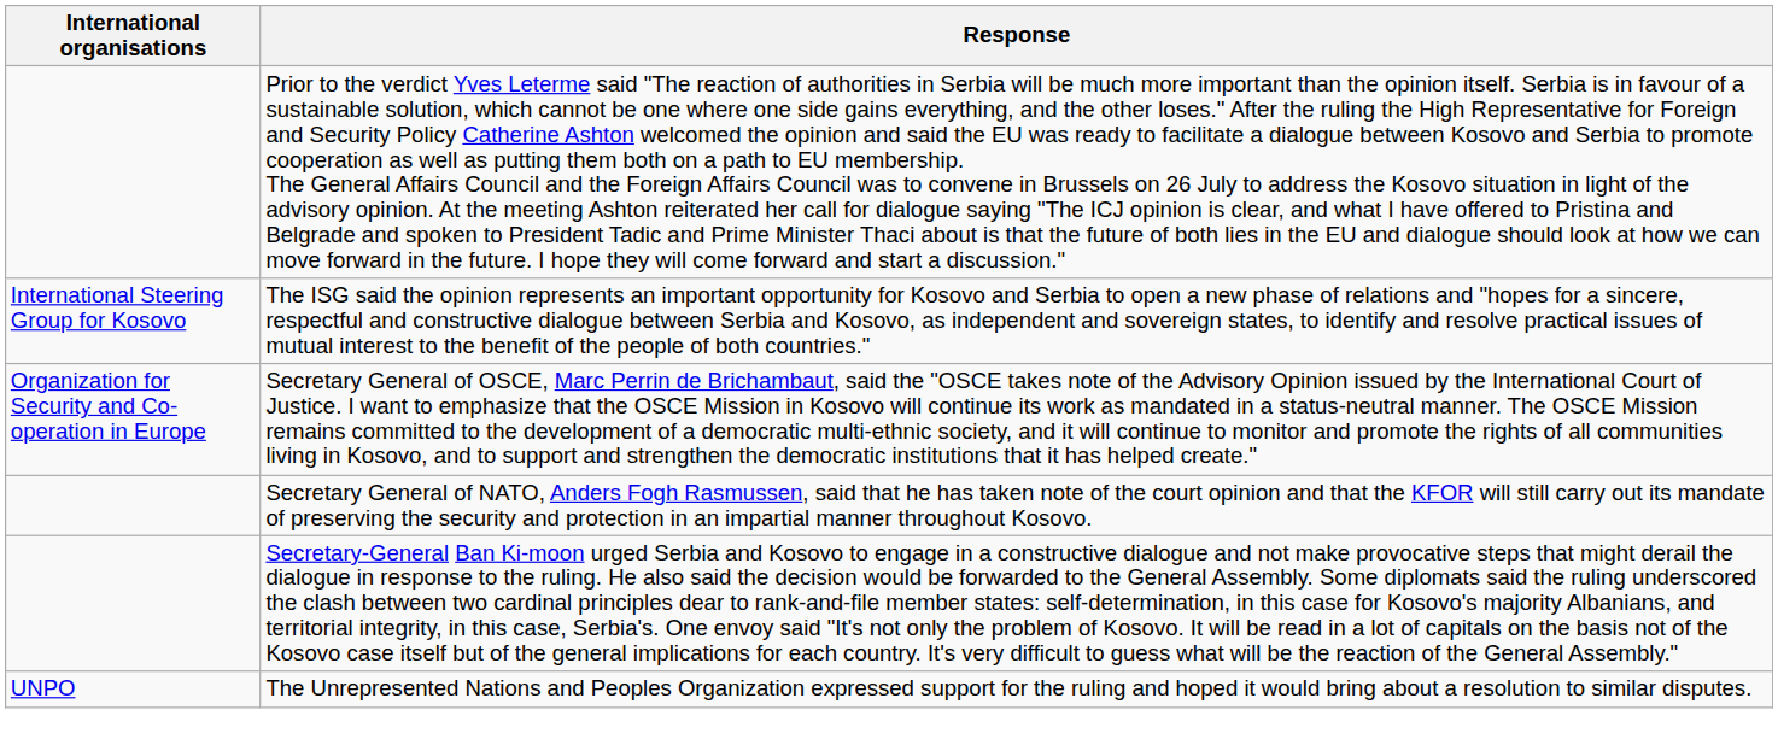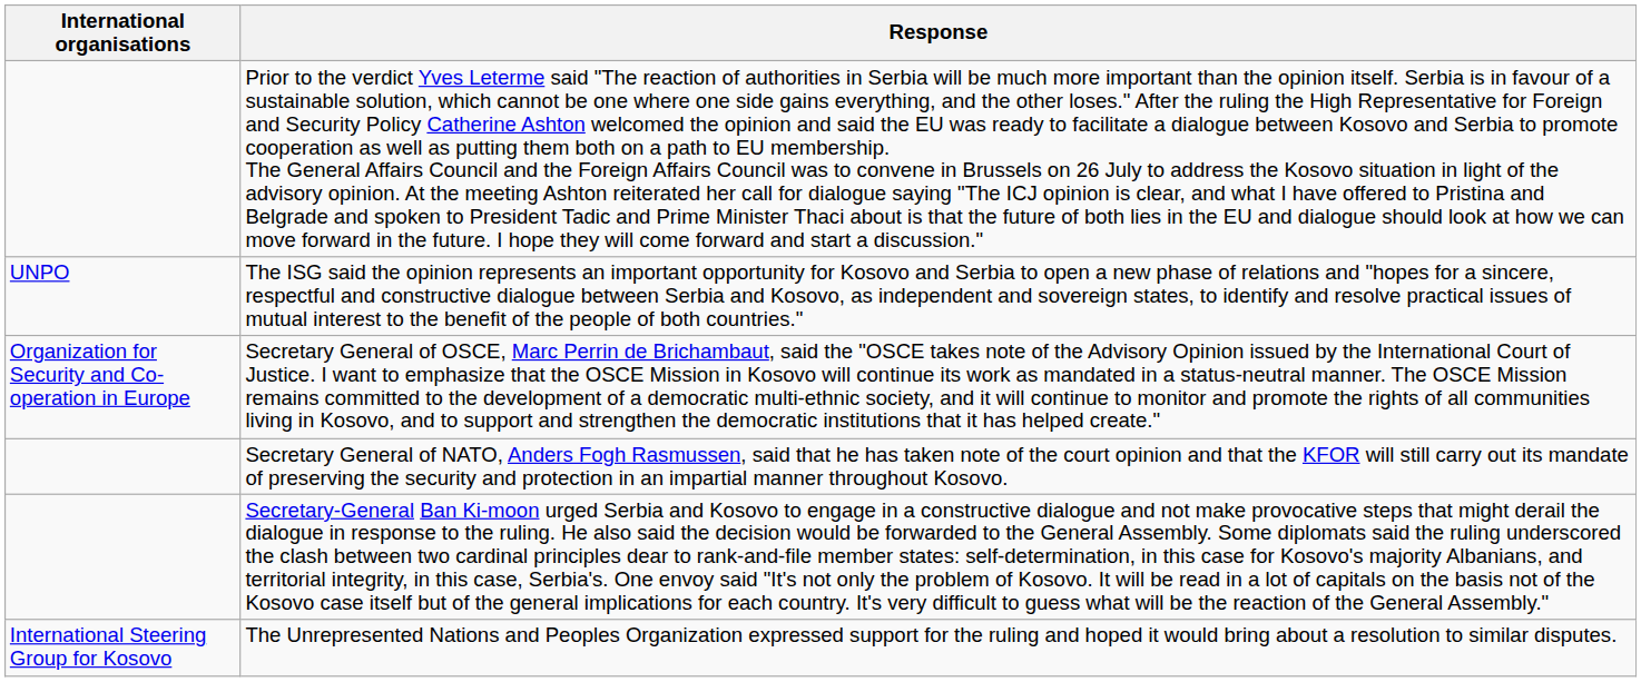 <table class="wikitable" style="margin:auto; width:100%;">
 <tr>
 <th style="width:175px;">International organisations</th>
 <th>Response</th>
 </tr>
 <tr valign="top">
 <td></td>
 <td>Prior to the verdict <a href='#'>Yves Leterme</a> said "The reaction of authorities in Serbia will be much more important than the opinion itself. Serbia is in favour of a sustainable solution, which cannot be one where one side gains everything, and the other loses." After the ruling the High Representative for Foreign and Security Policy <a href='#'>Catherine Ashton</a> welcomed the opinion and said the EU was ready to facilitate a dialogue between Kosovo and Serbia to promote cooperation as well as putting them both on a path to EU membership.<br>The General Affairs Council and the Foreign Affairs Council was to convene in Brussels on 26 July to address the Kosovo situation in light of the advisory opinion. At the meeting Ashton reiterated her call for dialogue saying "The ICJ opinion is clear, and what I have offered to Pristina and Belgrade and spoken to President Tadic and Prime Minister Thaci about is that the future of both lies in the EU and dialogue should look at how we can move forward in the future. I hope they will come forward and start a discussion."</td>
 </tr>
 <tr valign="top">
-<td><a href='#'>International Steering Group for Kosovo</a></td>
+<td><a href='#'>UNPO</a></td>
 <td>The ISG said the opinion represents an important opportunity for Kosovo and Serbia to open a new phase of relations and "hopes for a sincere, respectful and constructive dialogue between Serbia and Kosovo, as independent and sovereign states, to identify and resolve practical issues of mutual interest to the benefit of the people of both countries."</td>
 </tr>
 <tr valign="top">
 <td><a href='#'>Organization for Security and Co-operation in Europe</a></td>
 <td>Secretary General of OSCE, <a href='#'>Marc Perrin de Brichambaut</a>, said the "OSCE takes note of the Advisory Opinion issued by the International Court of Justice. I want to emphasize that the OSCE Mission in Kosovo will continue its work as mandated in a status-neutral manner. The OSCE Mission remains committed to the development of a democratic multi-ethnic society, and it will continue to monitor and promote the rights of all communities living in Kosovo, and to support and strengthen the democratic institutions that it has helped create."</td>
 </tr>
 <tr valign="top">
 <td></td>
 <td>Secretary General of NATO, <a href='#'>Anders Fogh Rasmussen</a>, said that he has taken note of the court opinion and that the <a href='#'>KFOR</a> will still carry out its mandate of preserving the security and protection in an impartial manner throughout Kosovo.</td>
 </tr>
 <tr valign="top">
 <td></td>
 <td><a href='#'>Secretary-General</a> <a href='#'>Ban Ki-moon</a> urged Serbia and Kosovo to engage in a constructive dialogue and not make provocative steps that might derail the dialogue in response to the ruling. He also said the decision would be forwarded to the General Assembly. Some diplomats said the ruling underscored the clash between two cardinal principles dear to rank-and-file member states: self-determination, in this case for Kosovo's majority Albanians, and territorial integrity, in this case, Serbia's. One envoy said "It's not only the problem of Kosovo. It will be read in a lot of capitals on the basis not of the Kosovo case itself but of the general implications for each country. It's very difficult to guess what will be the reaction of the General Assembly."</td>
 </tr>
 <tr valign="top">
-<td><a href='#'>UNPO</a></td>
+<td><a href='#'>International Steering Group for Kosovo</a></td>
 <td>The Unrepresented Nations and Peoples Organization expressed support for the ruling and hoped it would bring about a resolution to similar disputes.</td>
 </tr>
 </table>
